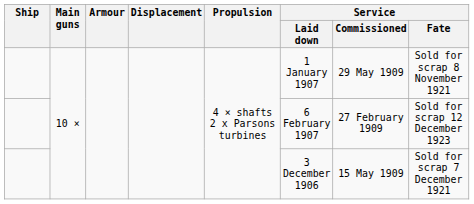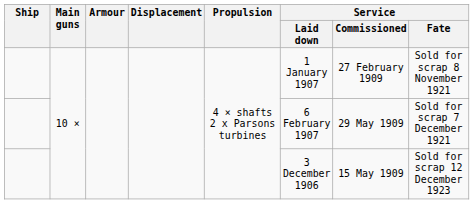 <table class="wikitable" style="width:98%;">
 <tr valign="top">
 <th style="width:15%; text-align:center;" rowspan="2">Ship</th>
 <th style="width:10%; text-align:center;" rowspan="2">Main guns</th>
 <th style="width:10%; text-align:center;" rowspan="2">Armour</th>
 <th style="width:10%; text-align:center;" rowspan="2">Displacement</th>
 <th style="width:20%; text-align:center;" rowspan="2">Propulsion</th>
 <th style="width:40%; text-align:center;" colspan="3">Service</th>
 </tr>
 <tr valign="top">
 <th style="width:10%; text-align:center;">Laid down</th>
 <th style="width:10%; text-align:center;">Commissioned</th>
 <th style="width:20%; text-align:center;">Fate</th>
 </tr>
 <tr valign="center">
 <td align= center></td>
 <td style="text-align:center;" rowspan=3>10 × </td>
 <td style="text-align:center;" rowspan=3></td>
 <td style="text-align:center;" rowspan=3></td>
 <td align= center rowspan=3>4 × shafts<br>2 x Parsons turbines<br></td>
 <td style="text-align:center;">1 January 1907</td>
-<td style="text-align:center;">29 May 1909</td>
+<td style="text-align:center;">27 February 1909</td>
 <td align= center>Sold for scrap 8 November 1921</td>
 </tr>
 <tr valign="center">
 <td align= center></td>
 <td style="text-align:center;">6 February 1907</td>
-<td style="text-align:center;">27 February 1909</td>
-<td align= center>Sold for scrap 12 December 1923</td>
+<td style="text-align:center;">29 May 1909</td>
+<td align= center>Sold for scrap 7 December 1921</td>
 </tr>
 <tr valign="center">
 <td align= center></td>
 <td style="text-align:center;">3 December 1906</td>
 <td style="text-align:center;">15 May 1909</td>
-<td align= center>Sold for scrap 7 December 1921</td>
+<td align= center>Sold for scrap 12 December 1923</td>
 </tr>
 </table>
